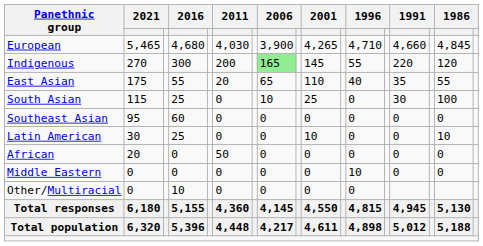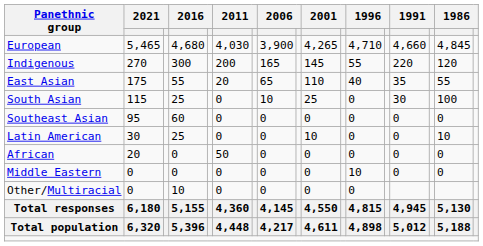 <table class="wikitable collapsible sortable">
 <tr>
 <th rowspan="2"><a href='#'>Panethnic</a><br>group</th>
 <th colspan="2">2021</th>
 <th colspan="2">2016</th>
 <th colspan="2">2011</th>
 <th colspan="2">2006</th>
 <th colspan="2">2001</th>
 <th colspan="2">1996</th>
 <th colspan="2">1991</th>
 <th colspan="2">1986</th>
 </tr>
 <tr>
 <th><a href='#'></a></th>
 <th></th>
 <th></th>
 <th></th>
 <th></th>
 <th></th>
 <th></th>
 <th></th>
 <th></th>
 <th></th>
 <th></th>
 <th></th>
 <th></th>
 <th></th>
 <th></th>
 <th></th>
 </tr>
 <tr>
 <td><a href='#'>European</a></td>
 <td>5,465</td>
 <td></td>
 <td>4,680</td>
 <td></td>
 <td>4,030</td>
 <td></td>
 <td>3,900</td>
 <td></td>
 <td>4,265</td>
 <td></td>
 <td>4,710</td>
 <td></td>
 <td>4,660</td>
 <td></td>
 <td>4,845</td>
 <td></td>
 </tr>
 <tr>
 <td><a href='#'>Indigenous</a></td>
 <td>270</td>
 <td></td>
 <td>300</td>
 <td></td>
 <td>200</td>
 <td></td>
-<td style="background: lightgreen;">165</td>
+<td>165</td>
 <td></td>
 <td>145</td>
 <td></td>
 <td>55</td>
 <td></td>
 <td>220</td>
 <td></td>
 <td>120</td>
 <td></td>
 </tr>
 <tr>
 <td><a href='#'>East Asian</a></td>
 <td>175</td>
 <td></td>
 <td>55</td>
 <td></td>
 <td>20</td>
 <td></td>
 <td>65</td>
 <td></td>
 <td>110</td>
 <td></td>
 <td>40</td>
 <td></td>
 <td>35</td>
 <td></td>
 <td>55</td>
 <td></td>
 </tr>
 <tr>
 <td><a href='#'>South Asian</a></td>
 <td>115</td>
 <td></td>
 <td>25</td>
 <td></td>
 <td>0</td>
 <td></td>
 <td>10</td>
 <td></td>
 <td>25</td>
 <td></td>
 <td>0</td>
 <td></td>
 <td>30</td>
 <td></td>
 <td>100</td>
 <td></td>
 </tr>
 <tr>
 <td><a href='#'>Southeast Asian</a></td>
 <td>95</td>
 <td></td>
 <td>60</td>
 <td></td>
 <td>0</td>
 <td></td>
 <td>0</td>
 <td></td>
 <td>0</td>
 <td></td>
 <td>0</td>
 <td></td>
 <td>0</td>
 <td></td>
 <td>0</td>
 <td></td>
 </tr>
 <tr>
 <td><a href='#'>Latin American</a></td>
 <td>30</td>
 <td></td>
 <td>25</td>
 <td></td>
 <td>0</td>
 <td></td>
 <td>0</td>
 <td></td>
 <td>10</td>
 <td></td>
 <td>0</td>
 <td></td>
 <td>0</td>
 <td></td>
 <td>10</td>
 <td></td>
 </tr>
 <tr>
 <td><a href='#'>African</a></td>
 <td>20</td>
 <td></td>
 <td>0</td>
 <td></td>
 <td>50</td>
 <td></td>
 <td>0</td>
 <td></td>
 <td>0</td>
 <td></td>
 <td>0</td>
 <td></td>
 <td>0</td>
 <td></td>
 <td>0</td>
 <td></td>
 </tr>
 <tr>
 <td><a href='#'>Middle Eastern</a></td>
 <td>0</td>
 <td></td>
 <td>0</td>
 <td></td>
 <td>0</td>
 <td></td>
 <td>0</td>
 <td></td>
 <td>0</td>
 <td></td>
 <td>10</td>
 <td></td>
 <td>0</td>
 <td></td>
 <td>0</td>
 <td></td>
 </tr>
 <tr>
 <td>Other/<a href='#'>Multiracial</a></td>
 <td>0</td>
 <td></td>
 <td>10</td>
 <td></td>
 <td>0</td>
 <td></td>
 <td>0</td>
 <td></td>
 <td>0</td>
 <td></td>
 <td>0</td>
 <td></td>
 <td></td>
 <td></td>
 <td></td>
 <td></td>
 </tr>
 <tr>
 <th>Total responses</th>
 <th>6,180</th>
 <th></th>
 <th>5,155</th>
 <th></th>
 <th>4,360</th>
 <th></th>
 <th>4,145</th>
 <th></th>
 <th>4,550</th>
 <th></th>
 <th>4,815</th>
 <th></th>
 <th>4,945</th>
 <th></th>
 <th>5,130</th>
 <th></th>
 </tr>
 <tr>
 <th>Total population</th>
 <th>6,320</th>
 <th></th>
 <th>5,396</th>
 <th></th>
 <th>4,448</th>
 <th></th>
 <th>4,217</th>
 <th></th>
 <th>4,611</th>
 <th></th>
 <th>4,898</th>
 <th></th>
 <th>5,012</th>
 <th></th>
 <th>5,188</th>
 <th></th>
 </tr>
 <tr class="sortbottom">
 <td colspan="20"></td>
 </tr>
 </table>
